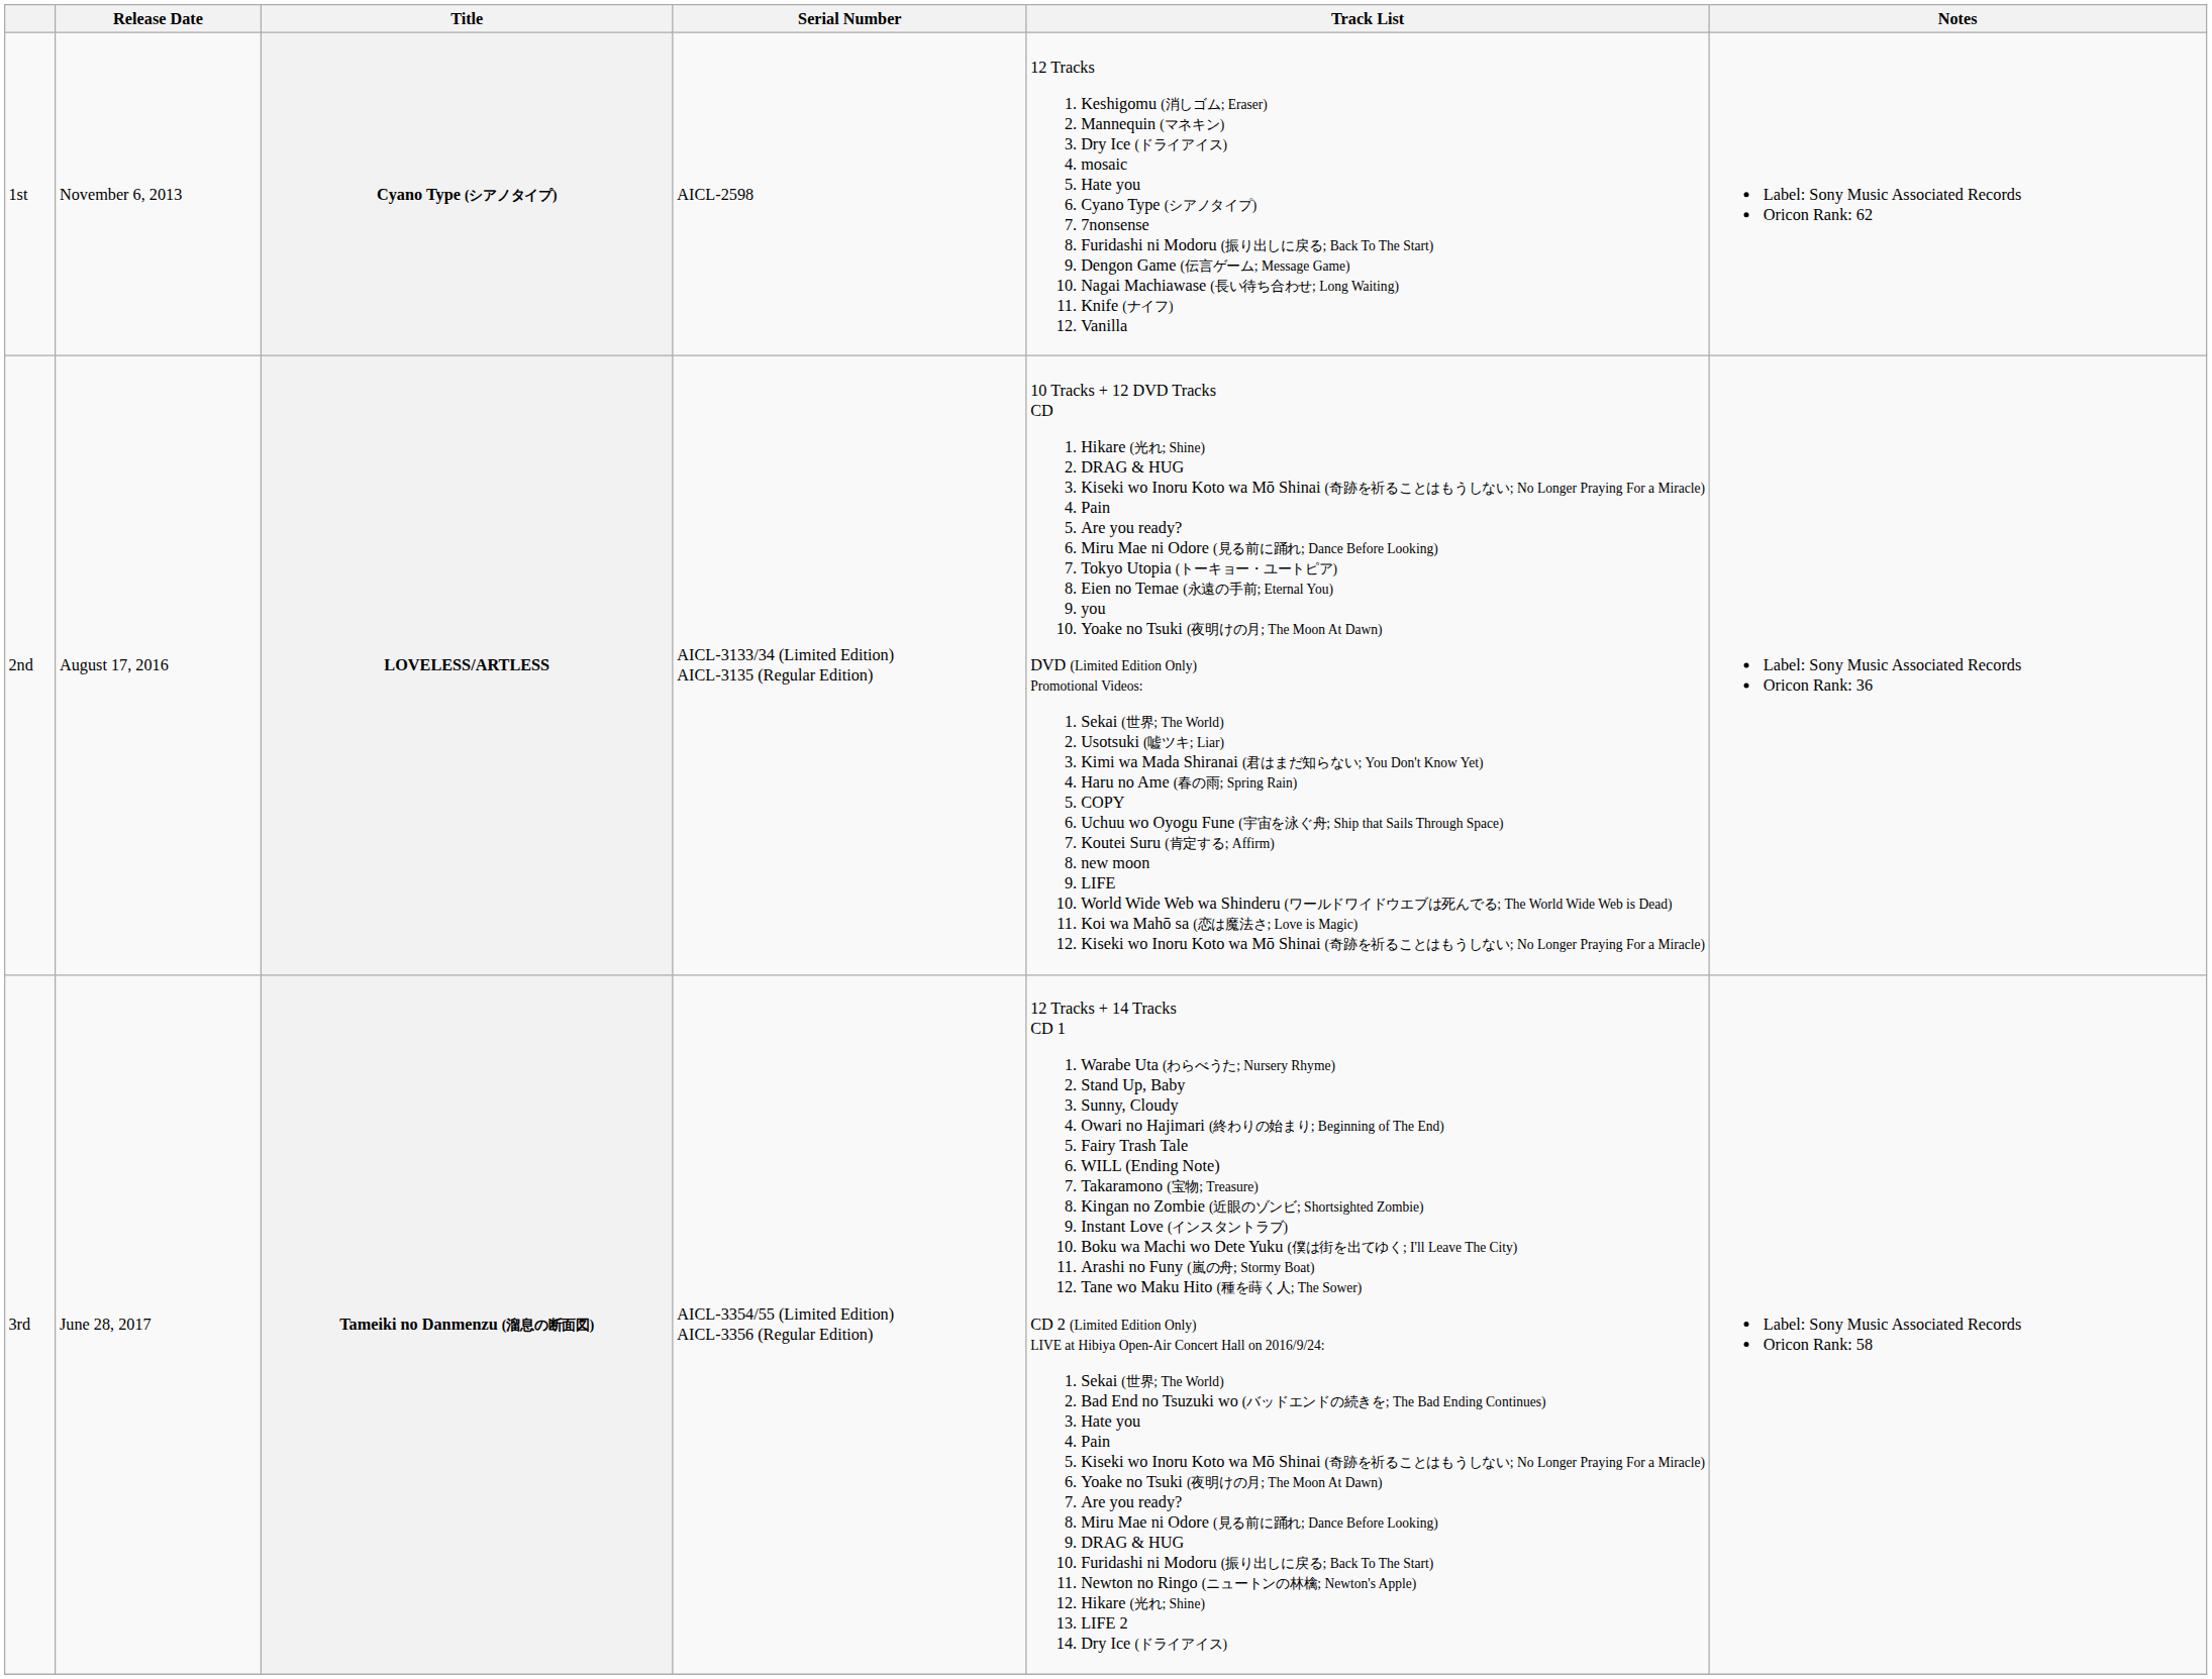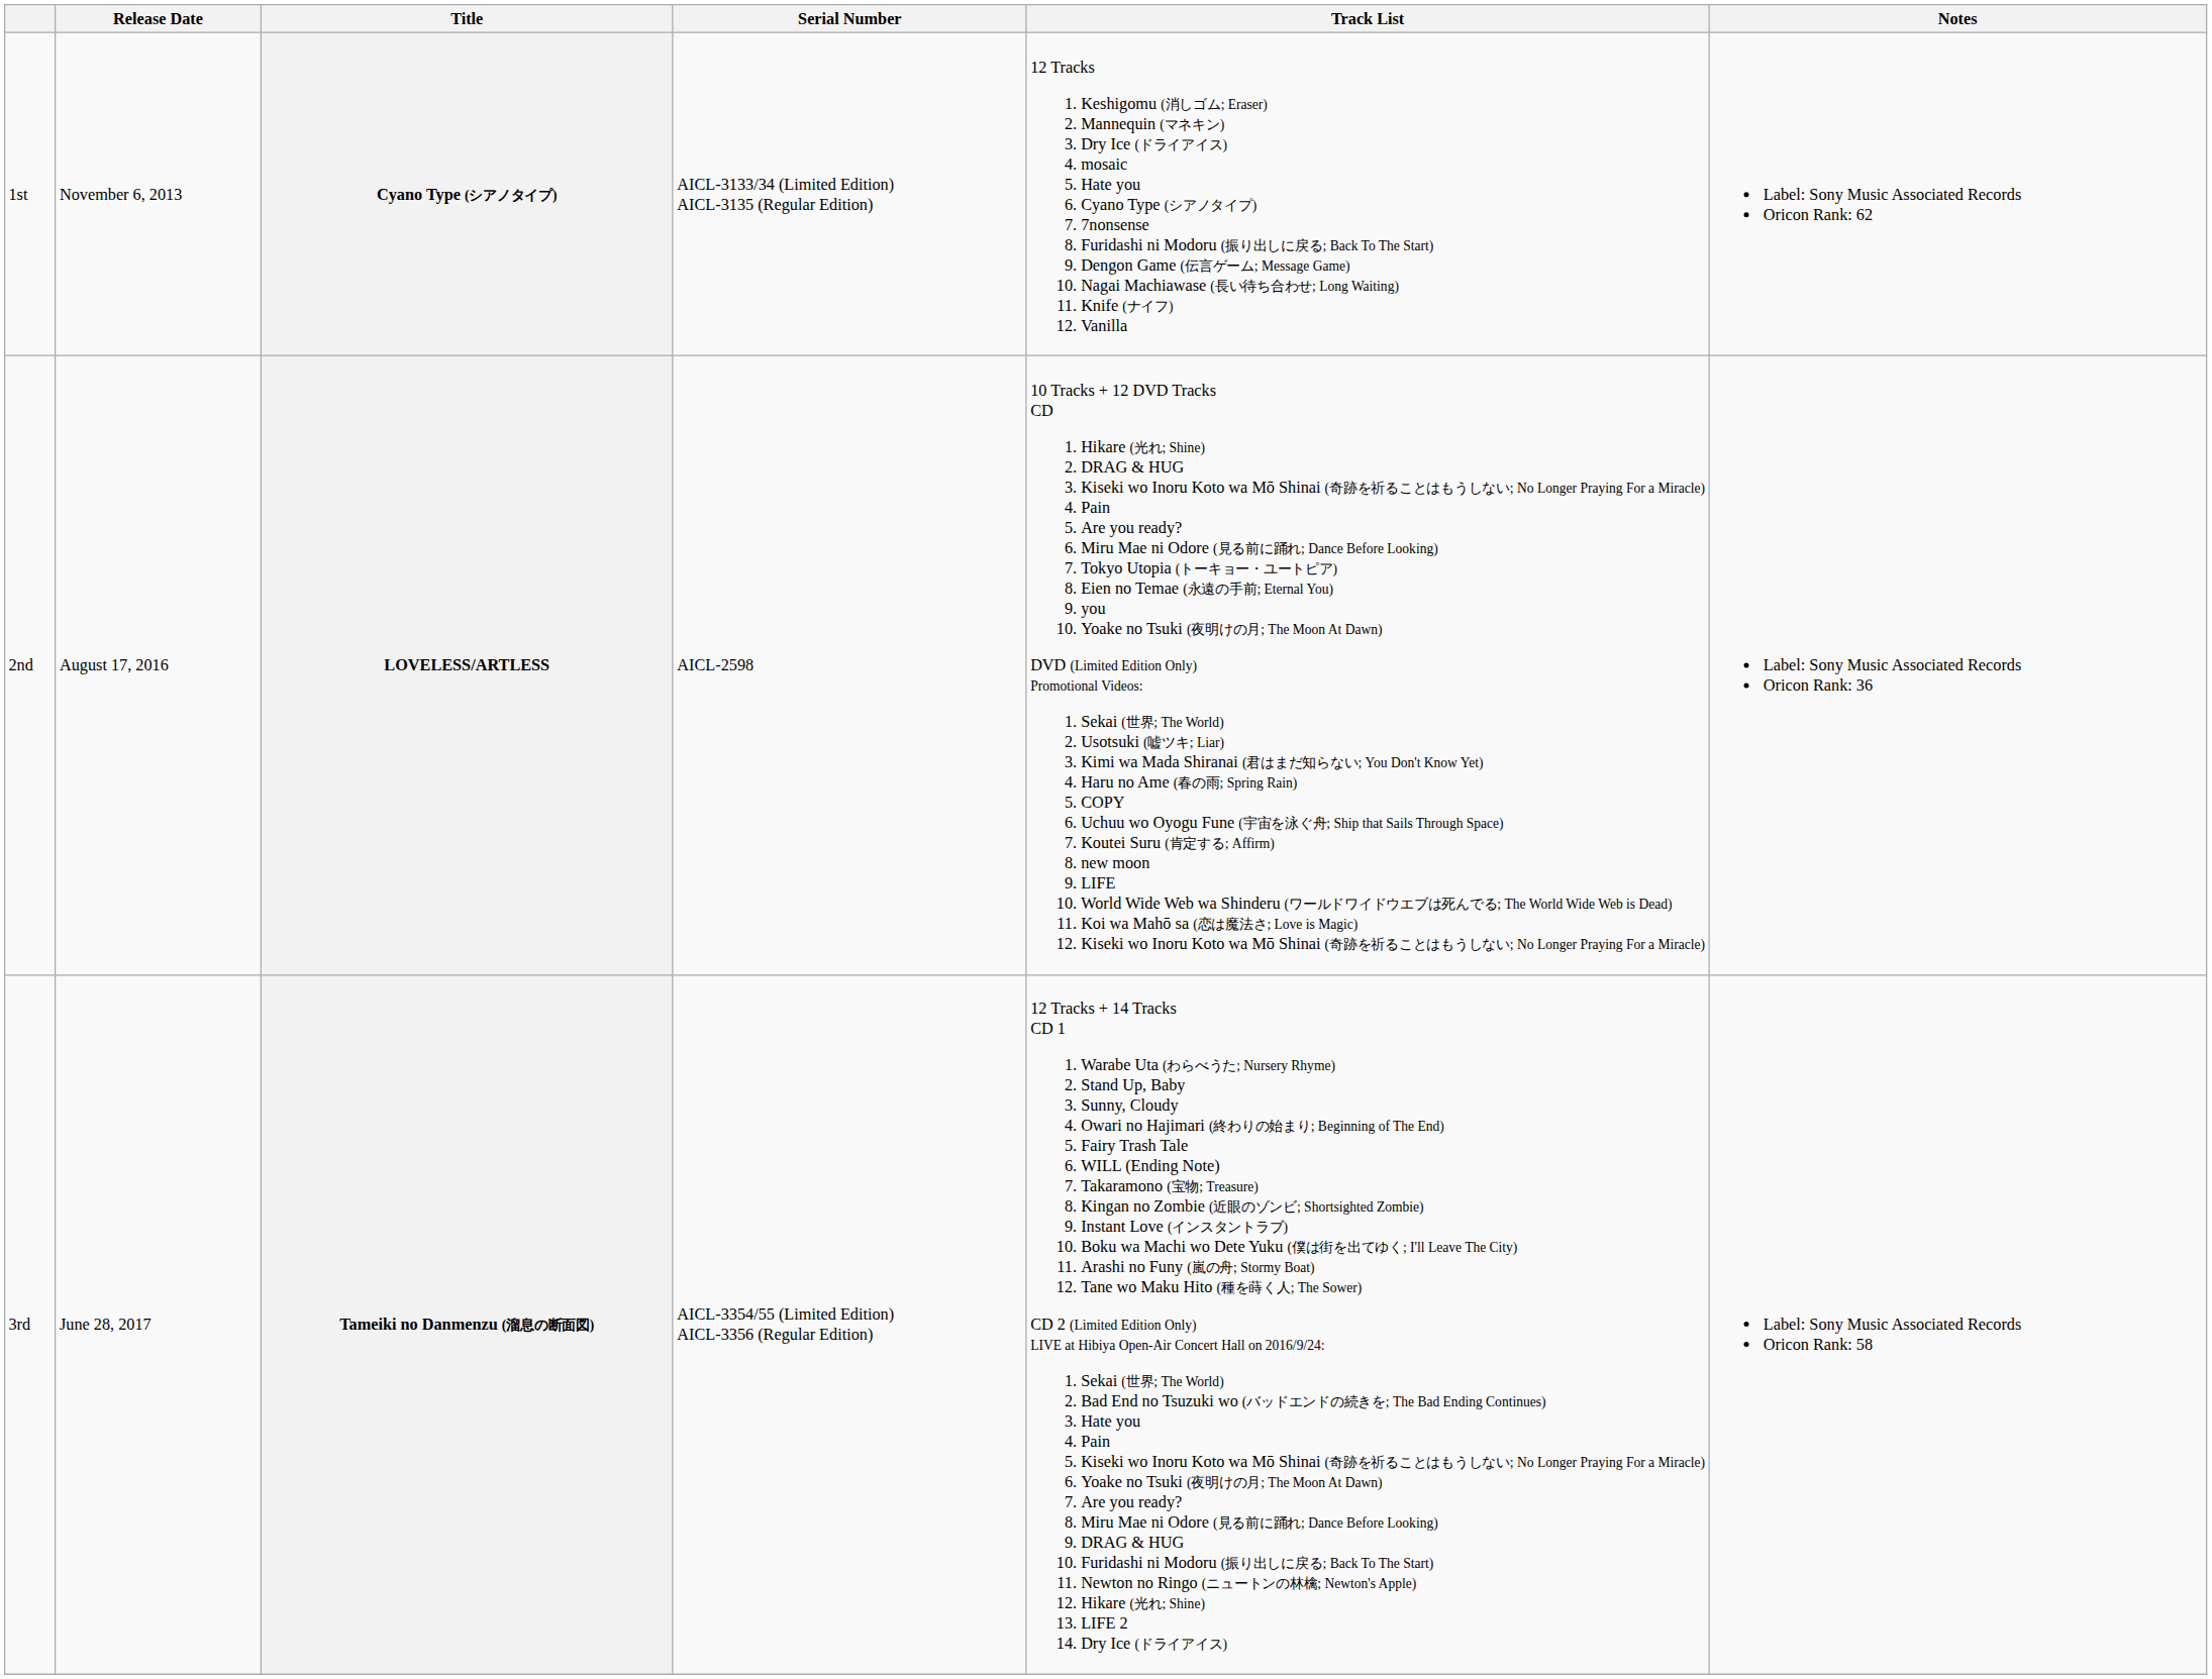 <table class="wikitable" style=font-size:small>
 <tr>
 <th> </th>
 <th>Release Date</th>
 <th>Title</th>
 <th>Serial Number</th>
 <th style="width:31%">Track List</th>
 <th>Notes</th>
 </tr>
 <tr>
 <td>1st</td>
 <td>November 6, 2013</td>
 <th>Cyano Type <small>(シアノタイプ)</small></th>
-<td>AICL-2598</td>
+<td>AICL-3133/34 (Limited Edition)<br>AICL-3135 (Regular Edition)</td>
 <td><br>12 Tracks<ol><li>Keshigomu <small>(消しゴム; Eraser)</small></li><li>Mannequin <small>(マネキン)</small></li><li>Dry Ice <small>(ドライアイス)</small></li><li>mosaic</li><li>Hate you</li><li>Cyano Type <small>(シアノタイプ)</small></li><li>7nonsense</li><li>Furidashi ni Modoru <small>(振り出しに戻る; Back To The Start)</small></li><li>Dengon Game <small>(伝言ゲーム; Message Game)</small></li><li>Nagai Machiawase <small>(長い待ち合わせ; Long Waiting)</small></li><li>Knife <small>(ナイフ)</small></li><li>Vanilla</li></ol></td>
 <td><br><ul><li>Label: Sony Music Associated Records</li><li>Oricon Rank: 62</li></ul></td>
 </tr>
 <tr>
 <td>2nd</td>
 <td>August 17, 2016</td>
 <th>LOVELESS/ARTLESS</th>
-<td>AICL-3133/34 (Limited Edition)<br>AICL-3135 (Regular Edition)</td>
+<td>AICL-2598</td>
 <td><br>10 Tracks + 12 DVD Tracks<br>CD<ol><li>Hikare <small>(光れ; Shine)</small></li><li>DRAG & HUG</li><li>Kiseki wo Inoru Koto wa Mō Shinai <small>(奇跡を祈ることはもうしない; No Longer Praying For a Miracle)</small></li><li>Pain</li><li>Are you ready?</li><li>Miru Mae ni Odore <small>(見る前に踊れ; Dance Before Looking)</small></li><li>Tokyo Utopia <small>(トーキョー・ユートピア)</small></li><li>Eien no Temae <small>(永遠の手前; Eternal You)</small></li><li>you</li><li>Yoake no Tsuki <small>(夜明けの月; The Moon At Dawn)</small></li></ol>DVD <small>(Limited Edition Only)</small><br> <small>Promotional Videos:</small><ol><li>Sekai <small>(世界; The World)</small></li><li>Usotsuki <small>(嘘ツキ; Liar)</small></li><li>Kimi wa Mada Shiranai <small>(君はまだ知らない; You Don't Know Yet)</small></li><li>Haru no Ame <small>(春の雨; Spring Rain)</small></li><li>COPY</li><li>Uchuu wo Oyogu Fune <small>(宇宙を泳ぐ舟; Ship that Sails Through Space)</small></li><li>Koutei Suru <small>(肯定する; Affirm)</small></li><li>new moon</li><li>LIFE</li><li>World Wide Web wa Shinderu <small>(ワールドワイドウエブは死んでる; The World Wide Web is Dead)</small></li><li>Koi wa Mahō sa <small>(恋は魔法さ; Love is Magic)</small></li><li>Kiseki wo Inoru Koto wa Mō Shinai <small>(奇跡を祈ることはもうしない; No Longer Praying For a Miracle)</small></li></ol></td>
 <td><br><ul><li>Label: Sony Music Associated Records</li><li>Oricon Rank: 36</li></ul></td>
 </tr>
 <tr>
 <td>3rd</td>
 <td>June 28, 2017</td>
 <th>Tameiki no Danmenzu <small>(溜息の断面図)</small></th>
 <td>AICL-3354/55 (Limited Edition)<br>AICL-3356 (Regular Edition)</td>
 <td><br>12 Tracks + 14 Tracks<br>CD 1<ol><li>Warabe Uta <small>(わらべうた; Nursery Rhyme)</small></li><li>Stand Up, Baby</li><li>Sunny, Cloudy</li><li>Owari no Hajimari <small>(終わりの始まり; Beginning of The End)</small></li><li>Fairy Trash Tale</li><li>WILL (Ending Note)</li><li>Takaramono <small>(宝物; Treasure)</small></li><li>Kingan no Zombie <small>(近眼のゾンビ; Shortsighted Zombie)</small></li><li>Instant Love <small>(インスタントラブ)</small></li><li>Boku wa Machi wo Dete Yuku <small>(僕は街を出てゆく; I'll Leave The City)</small></li><li>Arashi no Funy <small>(嵐の舟; Stormy Boat)</small></li><li>Tane wo Maku Hito <small>(種を蒔く人; The Sower)</small></li></ol>CD 2 <small>(Limited Edition Only)</small><br> <small>LIVE at Hibiya Open-Air Concert Hall on 2016/9/24:</small><ol><li>Sekai <small>(世界; The World)</small></li><li>Bad End no Tsuzuki wo <small>(バッドエンドの続きを; The Bad Ending Continues)</small></li><li>Hate you</li><li>Pain</li><li>Kiseki wo Inoru Koto wa Mō Shinai <small>(奇跡を祈ることはもうしない; No Longer Praying For a Miracle)</small></li><li>Yoake no Tsuki <small>(夜明けの月; The Moon At Dawn)</small></li><li>Are you ready?</li><li>Miru Mae ni Odore <small>(見る前に踊れ; Dance Before Looking)</small></li><li>DRAG & HUG</li><li>Furidashi ni Modoru <small>(振り出しに戻る; Back To The Start)</small></li><li>Newton no Ringo <small>(ニュートンの林檎; Newton's Apple)</small></li><li>Hikare <small>(光れ; Shine)</small></li><li>LIFE 2</li><li>Dry Ice <small>(ドライアイス)</small></li></ol></td>
 <td><br><ul><li>Label: Sony Music Associated Records</li><li>Oricon Rank: 58</li></ul></td>
 </tr>
 <tr>
 </tr>
 </table>
